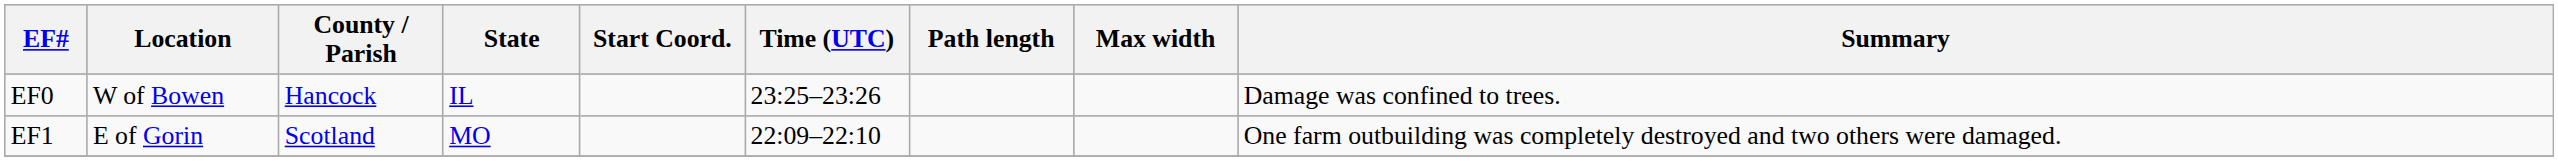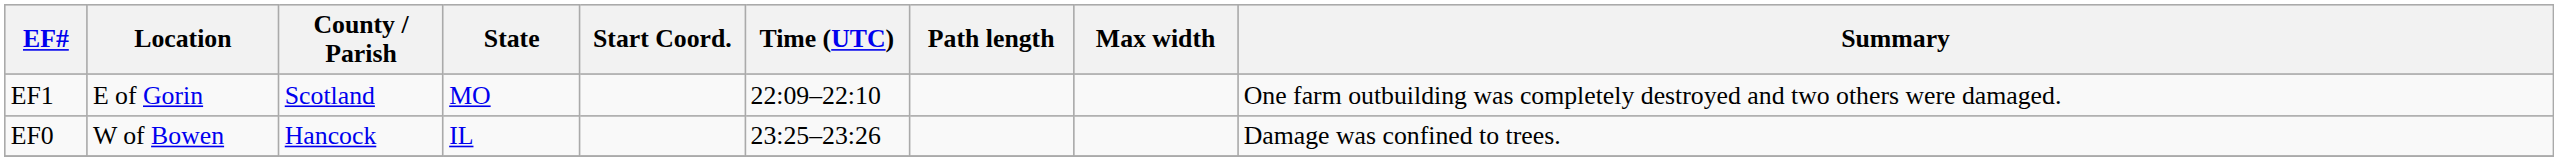 <table class="wikitable sortable" style="width:100%;">
 <tr>
 <th scope="col"  style="width:3%; text-align:center;"><a href='#'>EF#</a></th>
 <th scope="col"  style="width:7%; text-align:center;" class="unsortable">Location</th>
 <th scope="col"  style="width:6%; text-align:center;" class="unsortable">County / Parish</th>
 <th scope="col"  style="width:5%; text-align:center;">State</th>
 <th scope="col"  style="width:6%; text-align:center;">Start Coord.</th>
 <th scope="col"  style="width:6%; text-align:center;">Time (<a href='#'>UTC</a>)</th>
 <th scope="col"  style="width:6%; text-align:center;">Path length</th>
 <th scope="col"  style="width:6%; text-align:center;">Max width</th>
 <th scope="col" class="unsortable" style="width:48%; text-align:center;">Summary</th>
 </tr>
 <tr>
+<td>EF1</td>
+<td>E of <a href='#'>Gorin</a></td>
+<td><a href='#'>Scotland</a></td>
+<td><a href='#'>MO</a></td>
+<td></td>
+<td>22:09–22:10</td>
+<td></td>
+<td></td>
+<td>One farm outbuilding was completely destroyed and two others were damaged.</td>
+</tr>
+<tr>
 <td>EF0</td>
 <td>W of <a href='#'>Bowen</a></td>
 <td><a href='#'>Hancock</a></td>
 <td><a href='#'>IL</a></td>
 <td></td>
 <td>23:25–23:26</td>
 <td></td>
 <td></td>
 <td>Damage was confined to trees.</td>
 </tr>
 <tr>
-<td>EF1</td>
-<td>E of <a href='#'>Gorin</a></td>
-<td><a href='#'>Scotland</a></td>
-<td><a href='#'>MO</a></td>
-<td></td>
-<td>22:09–22:10</td>
-<td></td>
-<td></td>
-<td>One farm outbuilding was completely destroyed and two others were damaged.</td>
-</tr>
-<tr>
 </tr>
 </table>
